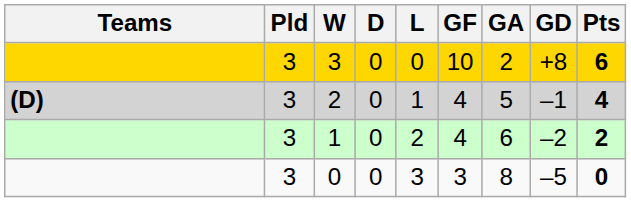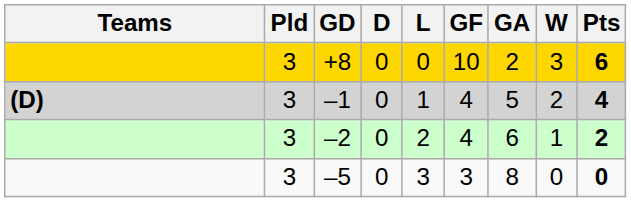 <table class="wikitable" style="text-align: center;">
 <tr>
 <th width=165>Teams</th>
 <th width=20>Pld</th>
-<th width=20>W</th>
+<th width=20>GD</th>
 <th width=20>D</th>
 <th width=20>L</th>
 <th width=20>GF</th>
 <th width=20>GA</th>
-<th width=20>GD</th>
+<th width=20>W</th>
 <th width=20>Pts</th>
 </tr>
 <tr align=center style="background:gold">
 <td style="text-align:left;"></td>
 <td>3</td>
-<td>3</td>
+<td>+8</td>
 <td>0</td>
 <td>0</td>
 <td>10</td>
 <td>2</td>
-<td>+8</td>
+<td>3</td>
 <td><strong>6</strong></td>
 </tr>
 <tr align=center  align=center style="background:lightgray;">
 <td style="text-align:left;"> <strong>(D)</strong></td>
 <td>3</td>
-<td>2</td>
+<td>–1</td>
 <td>0</td>
 <td>1</td>
 <td>4</td>
 <td>5</td>
-<td>–1</td>
+<td>2</td>
 <td><strong>4</strong></td>
 </tr>
 <tr align=center style="background:#ccffcc;">
 <td style="text-align:left;"></td>
 <td>3</td>
-<td>1</td>
+<td>–2</td>
 <td>0</td>
 <td>2</td>
 <td>4</td>
 <td>6</td>
-<td>–2</td>
+<td>1</td>
 <td><strong>2</strong></td>
 </tr>
 <tr align=center>
 <td style="text-align:left;"></td>
 <td>3</td>
-<td>0</td>
+<td>–5</td>
 <td>0</td>
 <td>3</td>
 <td>3</td>
 <td>8</td>
-<td>–5</td>
+<td>0</td>
 <td><strong>0</strong></td>
 </tr>
 </table>
